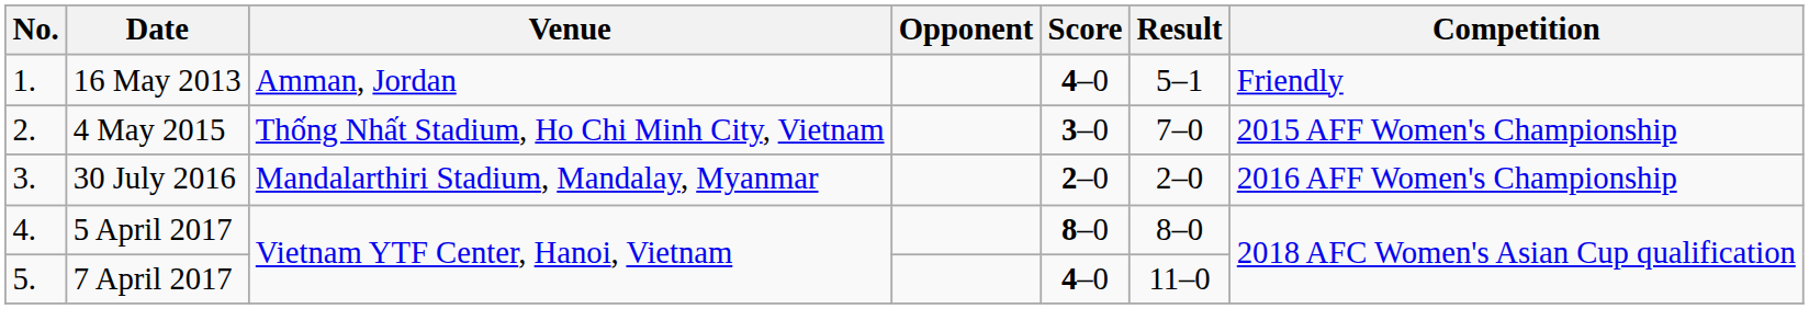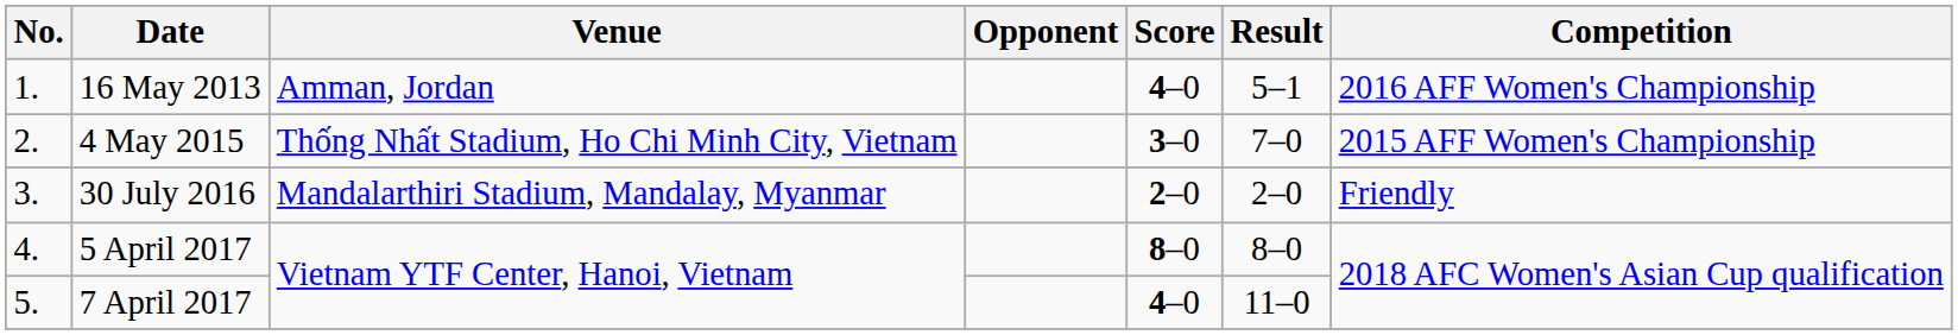 <table class="wikitable">
 <tr>
 <th>No.</th>
 <th>Date</th>
 <th>Venue</th>
 <th>Opponent</th>
 <th>Score</th>
 <th>Result</th>
 <th>Competition</th>
 </tr>
 <tr>
 <td>1.</td>
 <td>16 May 2013</td>
 <td><a href='#'>Amman</a>, <a href='#'>Jordan</a></td>
 <td></td>
 <td align=center><strong>4</strong>–0</td>
 <td align=center>5–1</td>
-<td><a href='#'>Friendly</a></td>
+<td><a href='#'>2016 AFF Women's Championship</a></td>
 </tr>
 <tr>
 <td>2.</td>
 <td>4 May 2015</td>
 <td><a href='#'>Thống Nhất Stadium</a>, <a href='#'>Ho Chi Minh City</a>, <a href='#'>Vietnam</a></td>
 <td></td>
 <td align=center><strong>3</strong>–0</td>
 <td align=center>7–0</td>
 <td><a href='#'>2015 AFF Women's Championship</a></td>
 </tr>
 <tr>
 <td>3.</td>
 <td>30 July 2016</td>
 <td><a href='#'>Mandalarthiri Stadium</a>, <a href='#'>Mandalay</a>, <a href='#'>Myanmar</a></td>
 <td></td>
 <td align=center><strong>2</strong>–0</td>
 <td align=center>2–0</td>
-<td><a href='#'>2016 AFF Women's Championship</a></td>
+<td><a href='#'>Friendly</a></td>
 </tr>
 <tr>
 <td>4.</td>
 <td>5 April 2017</td>
 <td rowspan="2"><a href='#'>Vietnam YTF Center</a>, <a href='#'>Hanoi</a>, <a href='#'>Vietnam</a></td>
 <td></td>
 <td align=center><strong>8</strong>–0</td>
 <td align=center>8–0</td>
 <td rowspan="2"><a href='#'>2018 AFC Women's Asian Cup qualification</a></td>
 </tr>
 <tr>
 <td>5.</td>
 <td>7 April 2017</td>
 <td></td>
 <td align=center><strong>4</strong>–0</td>
 <td align=center>11–0</td>
 </tr>
 </table>
